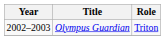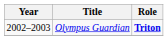 <table class="wikitable">
 <tr>
 <th>Year</th>
 <th>Title</th>
 <th>Role</th>
 </tr>
 <tr>
 <td>2002–2003</td>
 <td><em><a href='#'>Olympus Guardian</a></em></td>
-<td><a href='#'>Triton</a></td>
+<td><strong><a href='#'>Triton</a></strong></td>
 </tr>
 <tr>
 </tr>
 </table>
